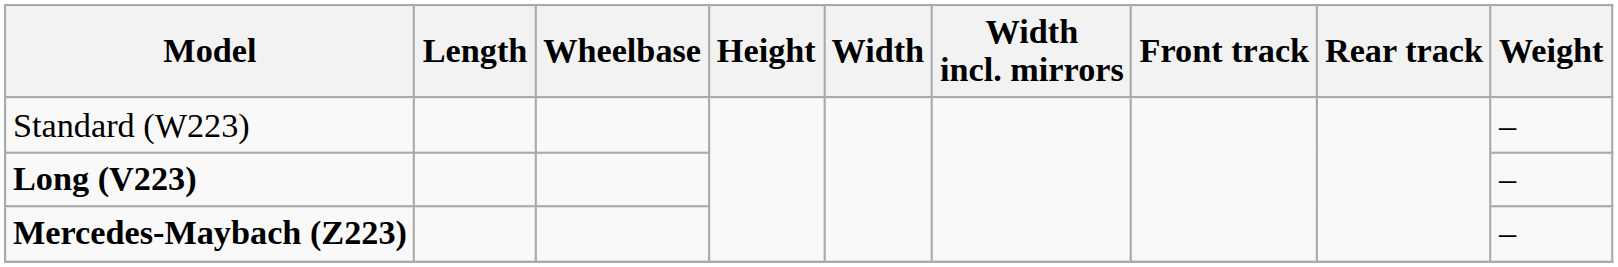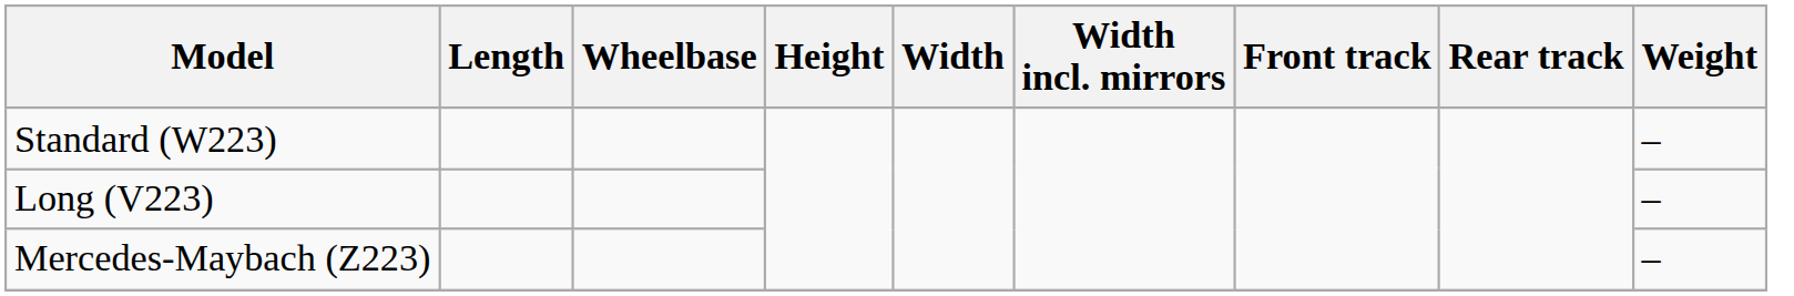 <table class="wikitable">
 <tr>
 <th>Model</th>
 <th>Length</th>
 <th>Wheelbase</th>
 <th>Height</th>
 <th>Width</th>
 <th>Width<br>incl. mirrors</th>
 <th>Front track</th>
 <th>Rear track</th>
 <th>Weight</th>
 </tr>
 <tr>
 <td>Standard (W223)</td>
 <td></td>
 <td></td>
 <td rowspan="3"></td>
 <td rowspan="3"></td>
 <td rowspan="3"></td>
 <td rowspan="3"></td>
 <td rowspan="3"></td>
 <td> – </td>
 </tr>
 <tr>
-<td><strong>Long (V223)</strong></td>
+<td>Long (V223)</td>
 <td></td>
 <td></td>
 <td> – </td>
 </tr>
 <tr>
-<td><strong>Mercedes-Maybach (Z223)</strong></td>
+<td>Mercedes-Maybach (Z223)</td>
 <td></td>
 <td></td>
 <td> – </td>
 </tr>
 <tr>
 </tr>
 </table>
